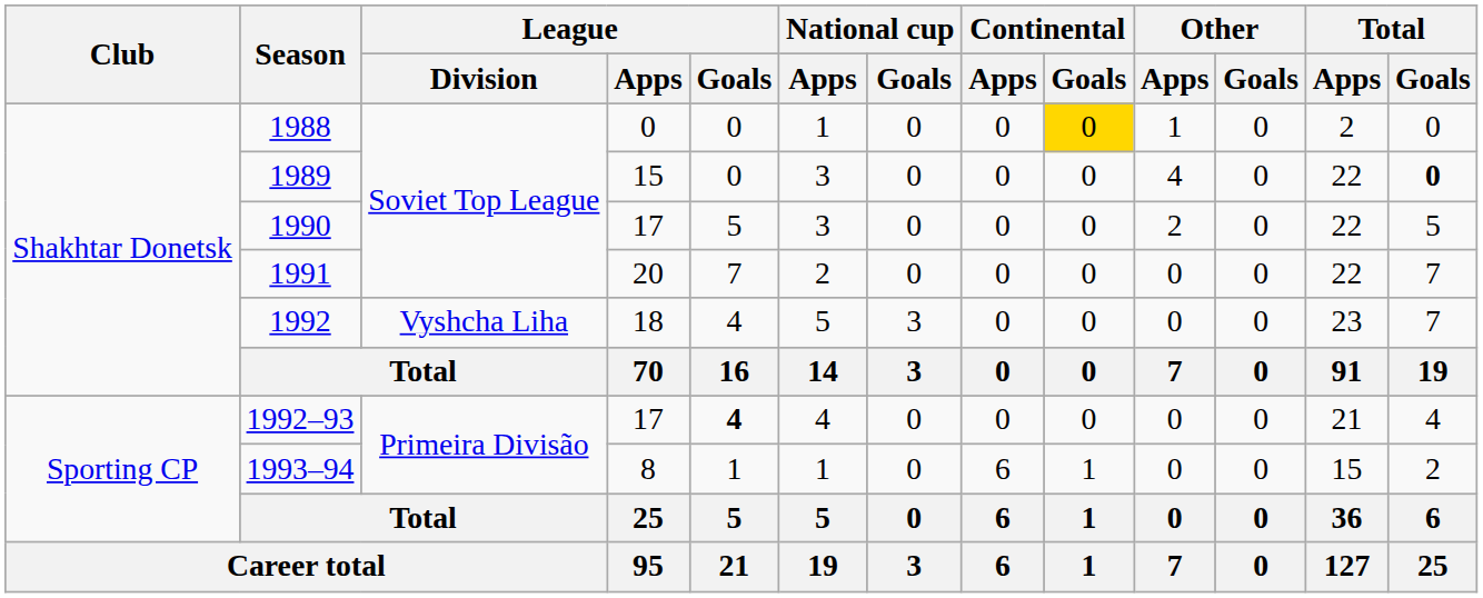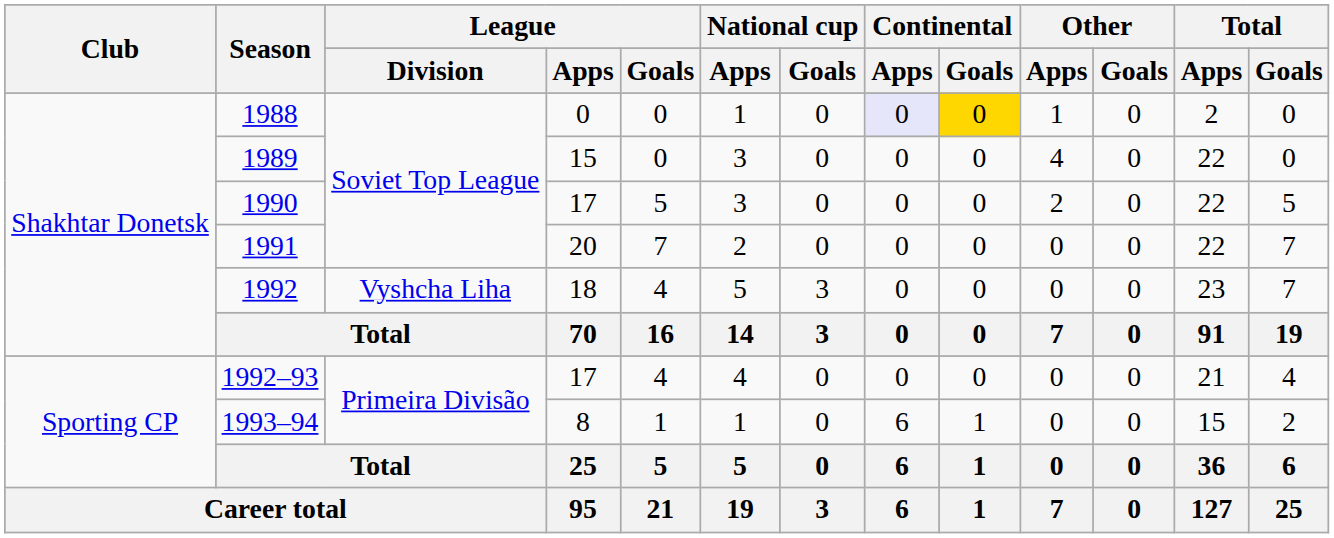 <table class="wikitable" style="text-align:center">
 <tr>
 <th rowspan="2">Club</th>
 <th rowspan="2">Season</th>
 <th colspan="3">League</th>
 <th colspan="2">National cup</th>
 <th colspan="2">Continental</th>
 <th colspan="2">Other</th>
 <th colspan="2">Total</th>
 </tr>
 <tr>
 <th>Division</th>
 <th>Apps</th>
 <th>Goals</th>
 <th>Apps</th>
 <th>Goals</th>
 <th>Apps</th>
 <th>Goals</th>
 <th>Apps</th>
 <th>Goals</th>
 <th>Apps</th>
 <th>Goals</th>
 </tr>
 <tr>
 <td rowspan="6"><a href='#'>Shakhtar Donetsk</a></td>
 <td><a href='#'>1988</a></td>
 <td rowspan="4"><a href='#'>Soviet Top League</a></td>
 <td>0</td>
 <td>0</td>
 <td>1</td>
 <td>0</td>
-<td>0</td>
+<td style="background: lavender;">0</td>
 <td style="background: gold;">0</td>
 <td>1</td>
 <td>0</td>
 <td>2</td>
 <td>0</td>
 </tr>
 <tr>
 <td><a href='#'>1989</a></td>
 <td>15</td>
 <td>0</td>
 <td>3</td>
 <td>0</td>
 <td>0</td>
 <td>0</td>
 <td>4</td>
 <td>0</td>
 <td>22</td>
-<td><strong>0</strong></td>
+<td>0</td>
 </tr>
 <tr>
 <td><a href='#'>1990</a></td>
 <td>17</td>
 <td>5</td>
 <td>3</td>
 <td>0</td>
 <td>0</td>
 <td>0</td>
 <td>2</td>
 <td>0</td>
 <td>22</td>
 <td>5</td>
 </tr>
 <tr>
 <td><a href='#'>1991</a></td>
 <td>20</td>
 <td>7</td>
 <td>2</td>
 <td>0</td>
 <td>0</td>
 <td>0</td>
 <td>0</td>
 <td>0</td>
 <td>22</td>
 <td>7</td>
 </tr>
 <tr>
 <td><a href='#'>1992</a></td>
 <td><a href='#'>Vyshcha Liha</a></td>
 <td>18</td>
 <td>4</td>
 <td>5</td>
 <td>3</td>
 <td>0</td>
 <td>0</td>
 <td>0</td>
 <td>0</td>
 <td>23</td>
 <td>7</td>
 </tr>
 <tr>
 <th colspan="2">Total</th>
 <th>70</th>
 <th>16</th>
 <th>14</th>
 <th>3</th>
 <th>0</th>
 <th>0</th>
 <th>7</th>
 <th>0</th>
 <th>91</th>
 <th>19</th>
 </tr>
 <tr>
 <td rowspan="3"><a href='#'>Sporting CP</a></td>
 <td><a href='#'>1992–93</a></td>
 <td rowspan="2"><a href='#'>Primeira Divisão</a></td>
 <td>17</td>
-<td><strong>4</strong></td>
+<td>4</td>
 <td>4</td>
 <td>0</td>
 <td>0</td>
 <td>0</td>
 <td>0</td>
 <td>0</td>
 <td>21</td>
 <td>4</td>
 </tr>
 <tr>
 <td><a href='#'>1993–94</a></td>
 <td>8</td>
 <td>1</td>
 <td>1</td>
 <td>0</td>
 <td>6</td>
 <td>1</td>
 <td>0</td>
 <td>0</td>
 <td>15</td>
 <td>2</td>
 </tr>
 <tr>
 <th colspan="2">Total</th>
 <th>25</th>
 <th>5</th>
 <th>5</th>
 <th>0</th>
 <th>6</th>
 <th>1</th>
 <th>0</th>
 <th>0</th>
 <th>36</th>
 <th>6</th>
 </tr>
 <tr>
 <th colspan="3">Career total</th>
 <th>95</th>
 <th>21</th>
 <th>19</th>
 <th>3</th>
 <th>6</th>
 <th>1</th>
 <th>7</th>
 <th>0</th>
 <th>127</th>
 <th>25</th>
 </tr>
 </table>
